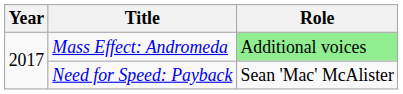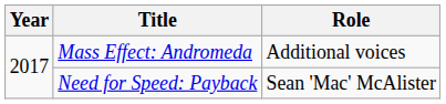 <table class = "wikitable sortable">
 <tr>
 <th>Year</th>
 <th>Title</th>
 <th>Role</th>
 </tr>
 <tr>
 <td rowspan="2">2017</td>
 <td><em><a href='#'>Mass Effect: Andromeda</a></em></td>
-<td style="background: lightgreen;">Additional voices</td>
+<td>Additional voices</td>
 </tr>
 <tr>
 <td><em><a href='#'>Need for Speed: Payback</a></em></td>
 <td>Sean 'Mac' McAlister</td>
 </tr>
 </table>
